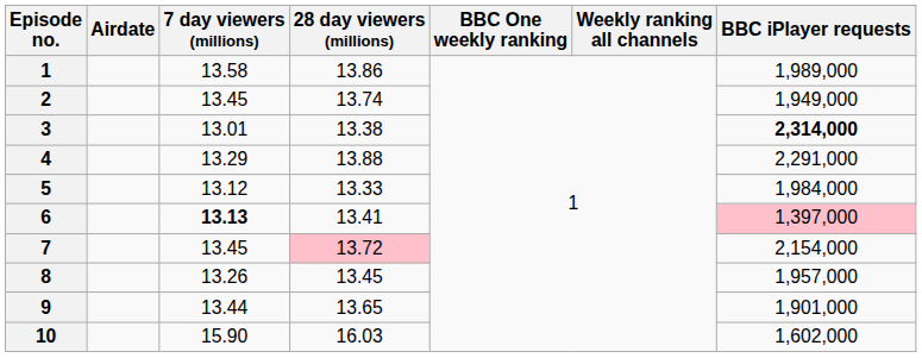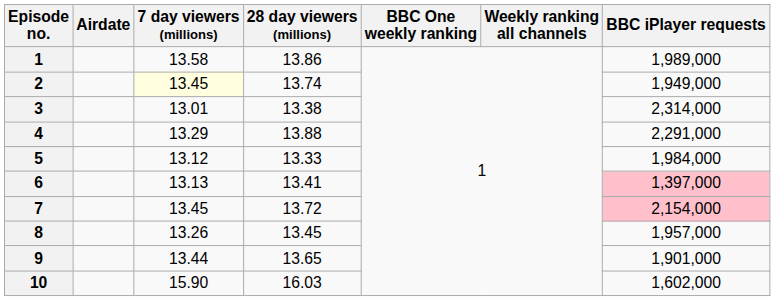 <table class="wikitable" style="text-align:center;">
 <tr>
 <th scope="col">Episode<br>no.</th>
 <th scope="col">Airdate</th>
 <th scope="col">7 day viewers<br><small>(millions)</small></th>
 <th scope="col">28 day viewers<br><small>(millions)</small></th>
 <th scope="col">BBC One<br>weekly ranking</th>
 <th scope="col">Weekly ranking<br>all channels</th>
 <th scope="col">BBC iPlayer requests</th>
 </tr>
 <tr>
 <th scope="row">1</th>
 <td></td>
 <td>13.58</td>
 <td>13.86</td>
 <td colspan="2" rowspan="10">1</td>
 <td>1,989,000</td>
 </tr>
 <tr>
 <th scope="row">2</th>
 <td></td>
-<td>13.45</td>
+<td style="background: lightyellow;">13.45</td>
 <td>13.74</td>
 <td>1,949,000</td>
 </tr>
 <tr>
 <th scope="row">3</th>
 <td></td>
 <td>13.01</td>
 <td>13.38</td>
-<td><strong>2,314,000</strong></td>
+<td>2,314,000</td>
 </tr>
 <tr>
 <th scope="row">4</th>
 <td></td>
 <td>13.29</td>
 <td>13.88</td>
 <td>2,291,000</td>
 </tr>
 <tr>
 <th scope="row">5</th>
 <td></td>
 <td>13.12</td>
 <td>13.33</td>
 <td>1,984,000</td>
 </tr>
 <tr>
 <th scope="row">6</th>
 <td></td>
-<td><strong>13.13</strong></td>
+<td>13.13</td>
 <td>13.41</td>
 <td style="background: pink;">1,397,000</td>
 </tr>
 <tr>
 <th scope="row">7</th>
 <td></td>
 <td>13.45</td>
-<td style="background: pink;">13.72</td>
-<td>2,154,000</td>
+<td>13.72</td>
+<td style="background: pink;">2,154,000</td>
 </tr>
 <tr>
 <th scope="row">8</th>
 <td></td>
 <td>13.26</td>
 <td>13.45</td>
 <td>1,957,000</td>
 </tr>
 <tr>
 <th scope="row">9</th>
 <td></td>
 <td>13.44</td>
 <td>13.65</td>
 <td>1,901,000</td>
 </tr>
 <tr>
 <th scope="row">10</th>
 <td></td>
 <td>15.90</td>
 <td>16.03</td>
 <td>1,602,000</td>
 </tr>
 </table>
